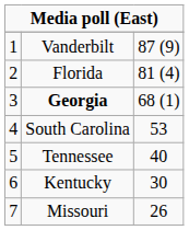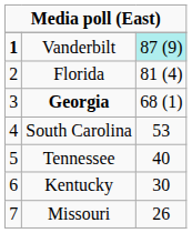 <table class="wikitable">
 <tr align="center">
 <td align="center" Colspan="3"><strong>Media poll (East)</strong></td>
 </tr>
 <tr align="center">
 </tr>
 <tr align="center">
-<td>1</td>
+<td><strong>1</strong></td>
 <td>Vanderbilt</td>
-<td>87 (9)</td>
+<td style="background: paleturquoise;">87 (9)</td>
 </tr>
 <tr align="center">
 <td>2</td>
 <td>Florida</td>
 <td>81 (4)</td>
 </tr>
 <tr align="center">
 <td>3</td>
 <td><strong>Georgia</strong></td>
 <td>68 (1)</td>
 </tr>
 <tr align="center">
 <td>4</td>
 <td>South Carolina</td>
 <td>53</td>
 </tr>
 <tr align="center">
 <td>5</td>
 <td>Tennessee</td>
 <td>40</td>
 </tr>
 <tr align="center">
 <td>6</td>
 <td>Kentucky</td>
 <td>30</td>
 </tr>
 <tr align="center">
 <td>7</td>
 <td>Missouri</td>
 <td>26</td>
 </tr>
 </table>
